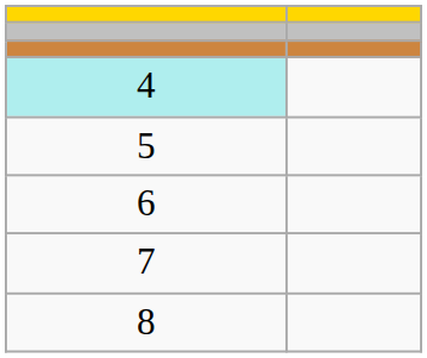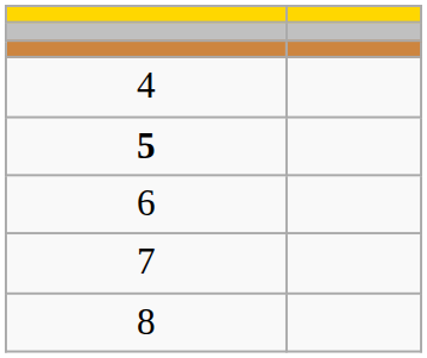 <table class="wikitable" style="width:180px;">
 <tr style="background:gold;">
 <td align=center></td>
 <td></td>
 </tr>
 <tr style="background:silver;">
 <td align=center></td>
 <td></td>
 </tr>
 <tr style="background:peru;">
 <td align=center></td>
 <td></td>
 </tr>
 <tr>
-<td align=center style="background: paleturquoise;">4</td>
+<td align=center>4</td>
 <td></td>
 </tr>
 <tr>
-<td align=center>5</td>
+<td align=center><strong>5</strong></td>
 <td></td>
 </tr>
 <tr>
 <td align=center>6</td>
 <td></td>
 </tr>
 <tr>
 <td align=center>7</td>
 <td></td>
 </tr>
 <tr>
 <td align=center>8</td>
 <td></td>
 </tr>
 </table>
